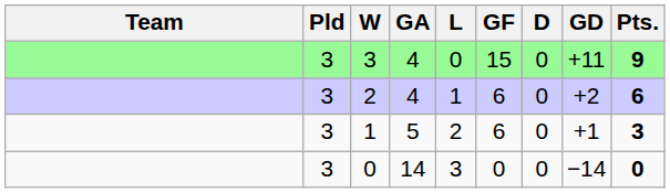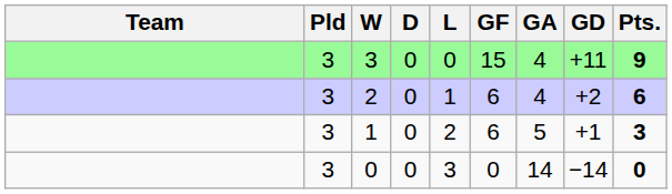 <table class=wikitable style="text-align:center;">
 <tr>
 <th width=200px>Team</th>
 <th width=20px>Pld</th>
 <th width=20px>W</th>
-<th width=25px>GA</th>
+<th width=20px>D</th>
 <th width=20px>L</th>
 <th width=25px>GF</th>
-<th width=20px>D</th>
+<th width=25px>GA</th>
 <th width=25px>GD</th>
 <th width=20px>Pts.</th>
 </tr>
 <tr bgcolor=98fb98>
 <td align=left></td>
 <td>3</td>
 <td>3</td>
-<td>4</td>
+<td>0</td>
 <td>0</td>
 <td>15</td>
-<td>0</td>
+<td>4</td>
 <td>+11</td>
 <td><strong>9</strong></td>
 </tr>
 <tr bgcolor=ccccff>
 <td align=left></td>
 <td>3</td>
 <td>2</td>
-<td>4</td>
+<td>0</td>
 <td>1</td>
 <td>6</td>
-<td>0</td>
+<td>4</td>
 <td>+2</td>
 <td><strong>6</strong></td>
 </tr>
 <tr>
 <td align=left></td>
 <td>3</td>
 <td>1</td>
-<td>5</td>
+<td>0</td>
 <td>2</td>
 <td>6</td>
-<td>0</td>
+<td>5</td>
 <td>+1</td>
 <td><strong>3</strong></td>
 </tr>
 <tr>
 <td align=left></td>
 <td>3</td>
 <td>0</td>
-<td>14</td>
+<td>0</td>
 <td>3</td>
 <td>0</td>
-<td>0</td>
+<td>14</td>
 <td>−14</td>
 <td><strong>0</strong></td>
 </tr>
 </table>
